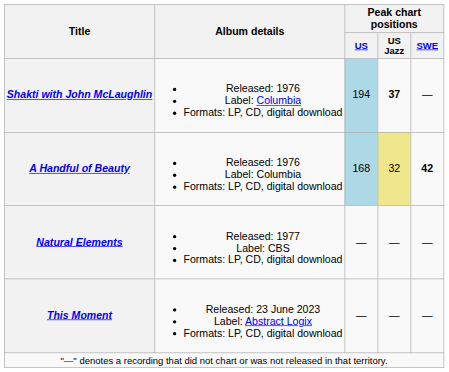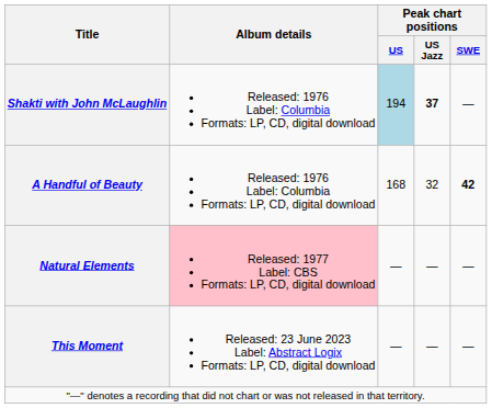 <table class="wikitable plainrowheaders" style="text-align:center;">
 <tr>
 <th scope="col" rowspan="2">Title</th>
 <th scope="col" rowspan="2">Album details</th>
 <th scope="col" colspan="3">Peak chart positions</th>
 </tr>
 <tr>
 <th scope="col" style="width:3em;font-size:90%;"><a href='#'>US</a><br></th>
 <th scope="col" style="width:3em;font-size:90%;">US Jazz<br></th>
 <th scope="col" style="width:3em;font-size:90%;"><a href='#'>SWE</a><br></th>
 </tr>
 <tr>
 <th scope="row"><em><a href='#'>Shakti with John McLaughlin</a></em></th>
 <td><br><ul><li>Released: 1976</li><li>Label: <a href='#'>Columbia</a></li><li>Formats: LP, CD, digital download</li></ul></td>
 <td style="background: lightblue;">194</td>
 <td><strong>37</strong></td>
 <td>—</td>
 </tr>
 <tr>
 <th scope="row"><em><a href='#'>A Handful of Beauty</a></em></th>
 <td><br><ul><li>Released: 1976</li><li>Label: Columbia</li><li>Formats: LP, CD, digital download</li></ul></td>
-<td style="background: lightblue;">168</td>
-<td style="background: khaki;">32</td>
+<td>168</td>
+<td>32</td>
 <td><strong>42</strong></td>
 </tr>
 <tr>
 <th scope="row"><em><a href='#'>Natural Elements</a></em></th>
-<td><br><ul><li>Released: 1977</li><li>Label: CBS</li><li>Formats: LP, CD, digital download</li></ul></td>
+<td style="background: pink;"><br><ul><li>Released: 1977</li><li>Label: CBS</li><li>Formats: LP, CD, digital download</li></ul></td>
 <td>—</td>
 <td>—</td>
 <td>—</td>
 </tr>
 <tr>
 <th scope="row"><em><a href='#'>This Moment</a></em></th>
 <td><br><ul><li>Released: 23 June 2023</li><li>Label: <a href='#'>Abstract Logix</a></li><li>Formats: LP, CD, digital download</li></ul></td>
 <td>—</td>
 <td>—</td>
 <td>—</td>
 </tr>
 <tr>
 <td colspan="15" style="font-size:90%">"—" denotes a recording that did not chart or was not released in that territory.</td>
 </tr>
 </table>
